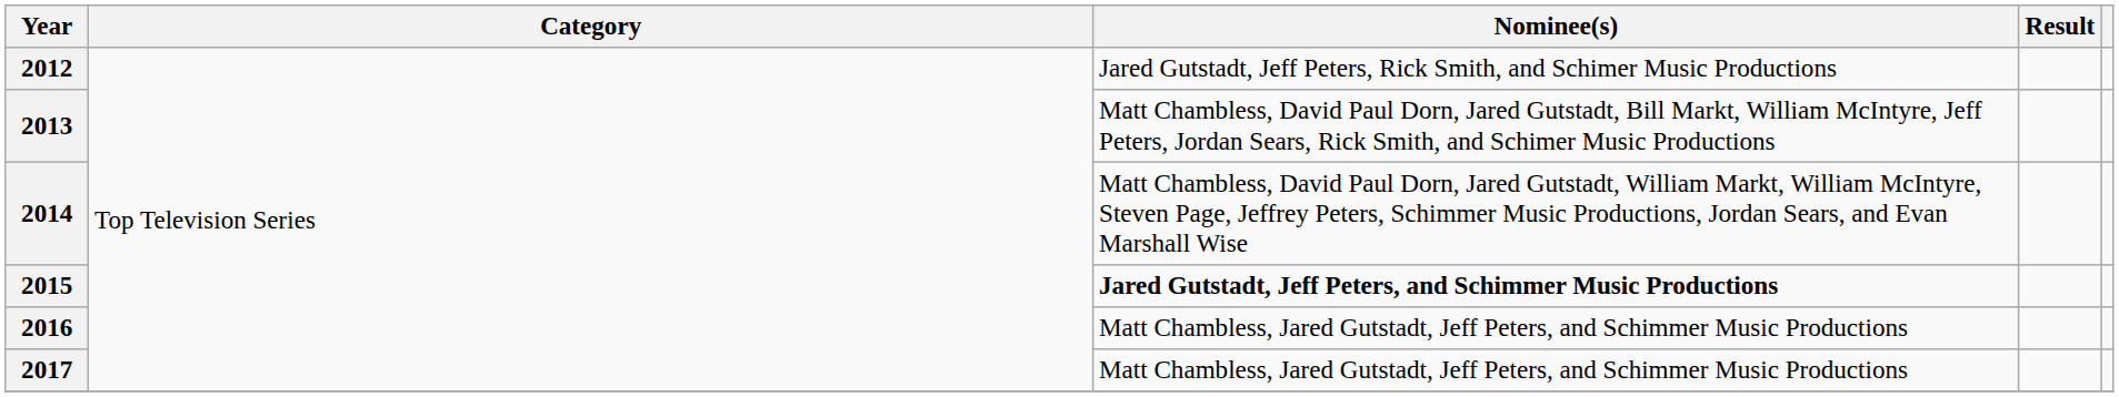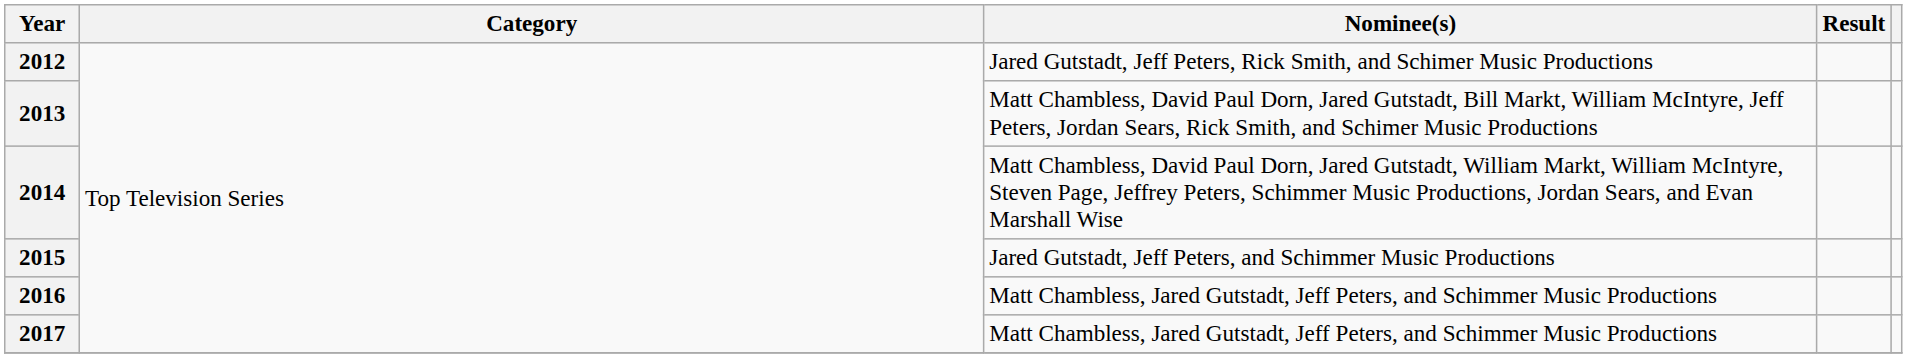 <table class="wikitable plainrowheaders" style="font-size: 95%">
 <tr>
 <th scope="col" style="width:4%;">Year</th>
 <th scope="col" style="width:50%;">Category</th>
 <th scope="col" style="width:50%;">Nominee(s)</th>
 <th scope="col" style="width:6%;">Result</th>
 <th scope="col" style="width:4%;"></th>
 </tr>
 <tr>
 <th scope="row">2012</th>
 <td rowspan="6">Top Television Series</td>
 <td>Jared Gutstadt, Jeff Peters, Rick Smith, and Schimer Music Productions</td>
 <td></td>
 <td style="text-align:center;"></td>
 </tr>
 <tr>
 <th scope="row">2013</th>
 <td>Matt Chambless, David Paul Dorn, Jared Gutstadt, Bill Markt, William McIntyre, Jeff Peters, Jordan Sears, Rick Smith, and Schimer Music Productions</td>
 <td></td>
 <td style="text-align:center;"></td>
 </tr>
 <tr>
 <th scope="row">2014</th>
 <td>Matt Chambless, David Paul Dorn, Jared Gutstadt, William Markt, William McIntyre, Steven Page, Jeffrey Peters, Schimmer Music Productions, Jordan Sears, and Evan Marshall Wise</td>
 <td></td>
 <td style="text-align:center;"></td>
 </tr>
 <tr>
 <th scope="row">2015</th>
-<td><strong>Jared Gutstadt, Jeff Peters, and Schimmer Music Productions</strong></td>
+<td>Jared Gutstadt, Jeff Peters, and Schimmer Music Productions</td>
 <td></td>
 <td style="text-align:center;"></td>
 </tr>
 <tr>
 <th scope="row">2016</th>
 <td>Matt Chambless, Jared Gutstadt, Jeff Peters, and Schimmer Music Productions</td>
 <td></td>
 <td style="text-align:center;"></td>
 </tr>
 <tr>
 <th scope="row">2017</th>
 <td>Matt Chambless, Jared Gutstadt, Jeff Peters, and Schimmer Music Productions</td>
 <td></td>
 <td style="text-align:center;"></td>
 </tr>
 <tr>
 </tr>
 </table>
